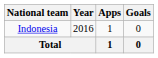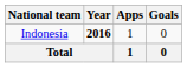 <table class=wikitable style=text-align:center>
 <tr>
 <th>National team</th>
 <th>Year</th>
 <th>Apps</th>
 <th>Goals</th>
 </tr>
 <tr>
 <td><a href='#'>Indonesia</a></td>
-<td>2016</td>
+<td><strong>2016</strong></td>
 <td>1</td>
 <td>0</td>
 </tr>
 <tr>
 <th colspan=2>Total</th>
 <th>1</th>
 <th>0</th>
 </tr>
 </table>
